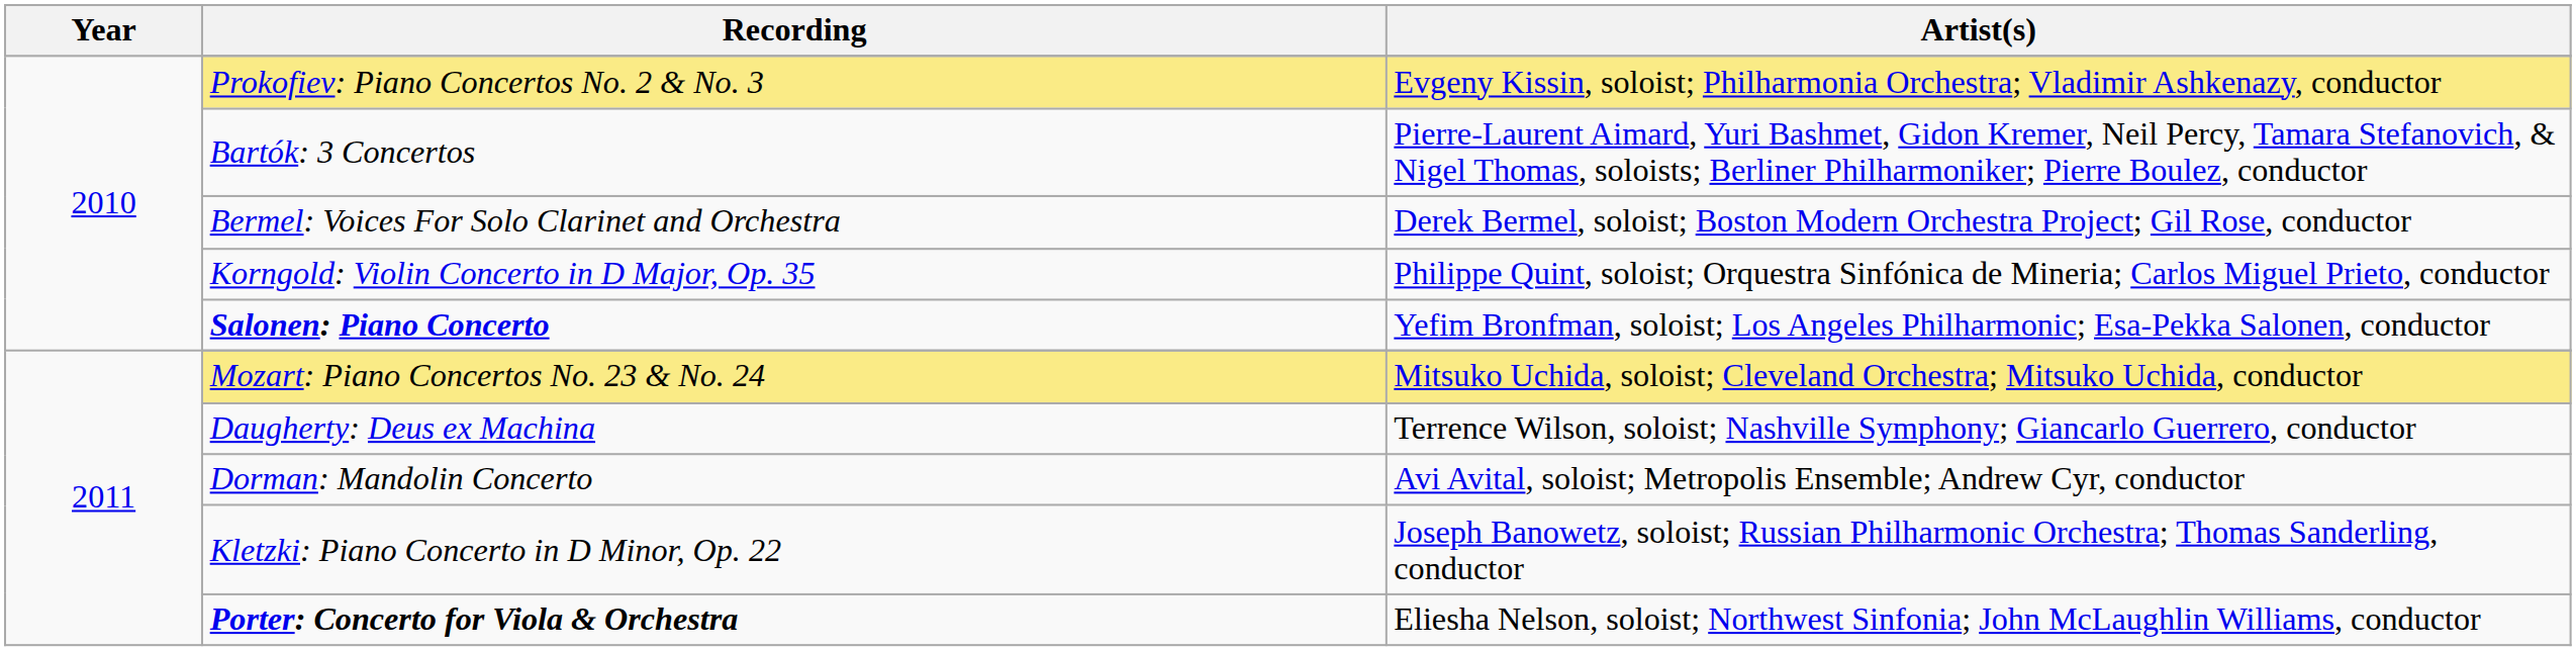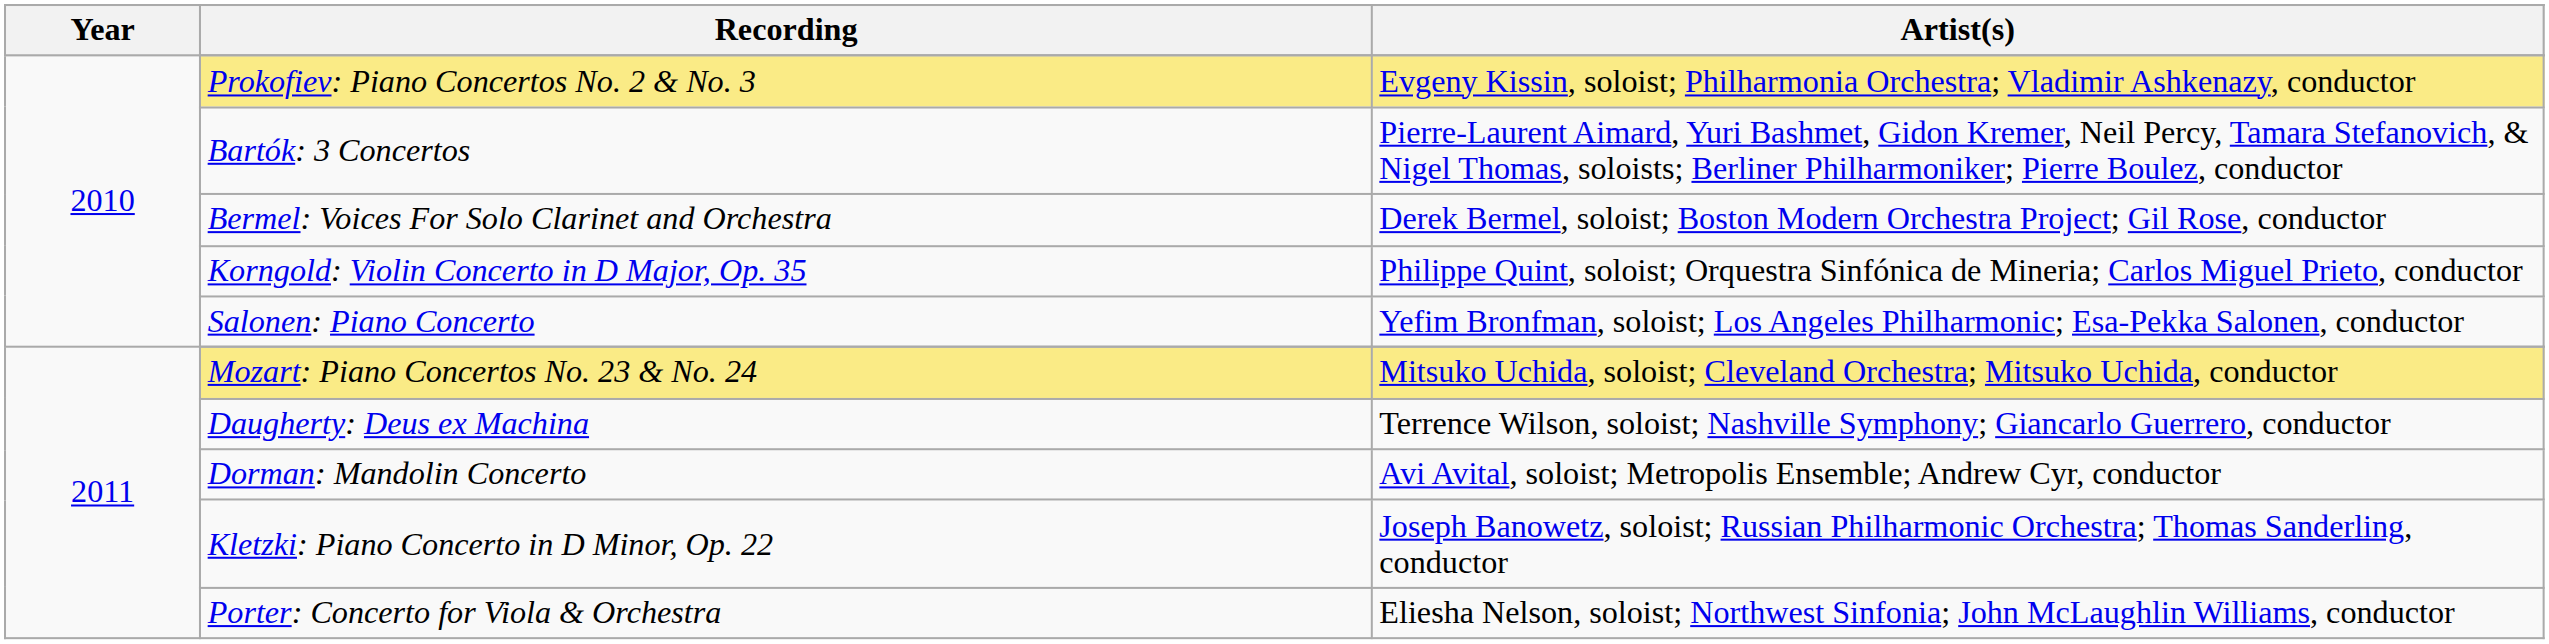 <table class="wikitable" style="width:100%">
 <tr bgcolor="#bebebe">
 </tr>
 <tr bgcolor="#bebebe">
 <th width="5%">Year</th>
 <th width="30%">Recording</th>
 <th width="30%">Artist(s)</th>
 </tr>
 <tr>
 <td rowspan="6" style="text-align:center;"><a href='#'>2010</a><br></td>
 </tr>
 <tr style="background:#FAEB86;">
 <td><em><a href='#'>Prokofiev</a>: Piano Concertos No. 2 & No. 3</em></td>
 <td><a href='#'>Evgeny Kissin</a>, soloist; <a href='#'>Philharmonia Orchestra</a>; <a href='#'>Vladimir Ashkenazy</a>, conductor</td>
 </tr>
 <tr>
 <td><em><a href='#'>Bartók</a>: 3 Concertos</em></td>
 <td><a href='#'>Pierre-Laurent Aimard</a>, <a href='#'>Yuri Bashmet</a>, <a href='#'>Gidon Kremer</a>, Neil Percy, <a href='#'>Tamara Stefanovich</a>, & <a href='#'>Nigel Thomas</a>, soloists; <a href='#'>Berliner Philharmoniker</a>; <a href='#'>Pierre Boulez</a>, conductor</td>
 </tr>
 <tr>
 <td><em><a href='#'>Bermel</a>: Voices For Solo Clarinet and Orchestra</em></td>
 <td><a href='#'>Derek Bermel</a>, soloist; <a href='#'>Boston Modern Orchestra Project</a>; <a href='#'>Gil Rose</a>, conductor</td>
 </tr>
 <tr>
 <td><em><a href='#'>Korngold</a>: <a href='#'>Violin Concerto in D Major, Op. 35</a></em></td>
 <td><a href='#'>Philippe Quint</a>, soloist; Orquestra Sinfónica de Mineria; <a href='#'>Carlos Miguel Prieto</a>, conductor</td>
 </tr>
 <tr>
-<td><strong><em><a href='#'>Salonen</a>: <a href='#'>Piano Concerto</a></em></strong></td>
+<td><em><a href='#'>Salonen</a>: <a href='#'>Piano Concerto</a></em></td>
 <td><a href='#'>Yefim Bronfman</a>, soloist; <a href='#'>Los Angeles Philharmonic</a>; <a href='#'>Esa-Pekka Salonen</a>, conductor</td>
 </tr>
 <tr>
 <td rowspan="6" style="text-align:center;"><a href='#'>2011</a><br></td>
 </tr>
 <tr style="background:#FAEB86;">
 <td><em><a href='#'>Mozart</a>: Piano Concertos No. 23 & No. 24</em></td>
 <td><a href='#'>Mitsuko Uchida</a>, soloist; <a href='#'>Cleveland Orchestra</a>; <a href='#'>Mitsuko Uchida</a>, conductor</td>
 </tr>
 <tr>
 <td><em><a href='#'>Daugherty</a>: <a href='#'>Deus ex Machina</a></em></td>
 <td>Terrence Wilson, soloist; <a href='#'>Nashville Symphony</a>; <a href='#'>Giancarlo Guerrero</a>, conductor</td>
 </tr>
 <tr>
 <td><em><a href='#'>Dorman</a>: Mandolin Concerto</em></td>
 <td><a href='#'>Avi Avital</a>, soloist; Metropolis Ensemble; Andrew Cyr, conductor</td>
 </tr>
 <tr>
 <td><em><a href='#'>Kletzki</a>: Piano Concerto in D Minor, Op. 22</em></td>
 <td><a href='#'>Joseph Banowetz</a>, soloist; <a href='#'>Russian Philharmonic Orchestra</a>; <a href='#'>Thomas Sanderling</a>, conductor</td>
 </tr>
 <tr>
-<td><strong><em><a href='#'>Porter</a>: Concerto for Viola & Orchestra</em></strong></td>
+<td><em><a href='#'>Porter</a>: Concerto for Viola & Orchestra</em></td>
 <td>Eliesha Nelson, soloist; <a href='#'>Northwest Sinfonia</a>; <a href='#'>John McLaughlin Williams</a>, conductor</td>
 </tr>
 </table>
